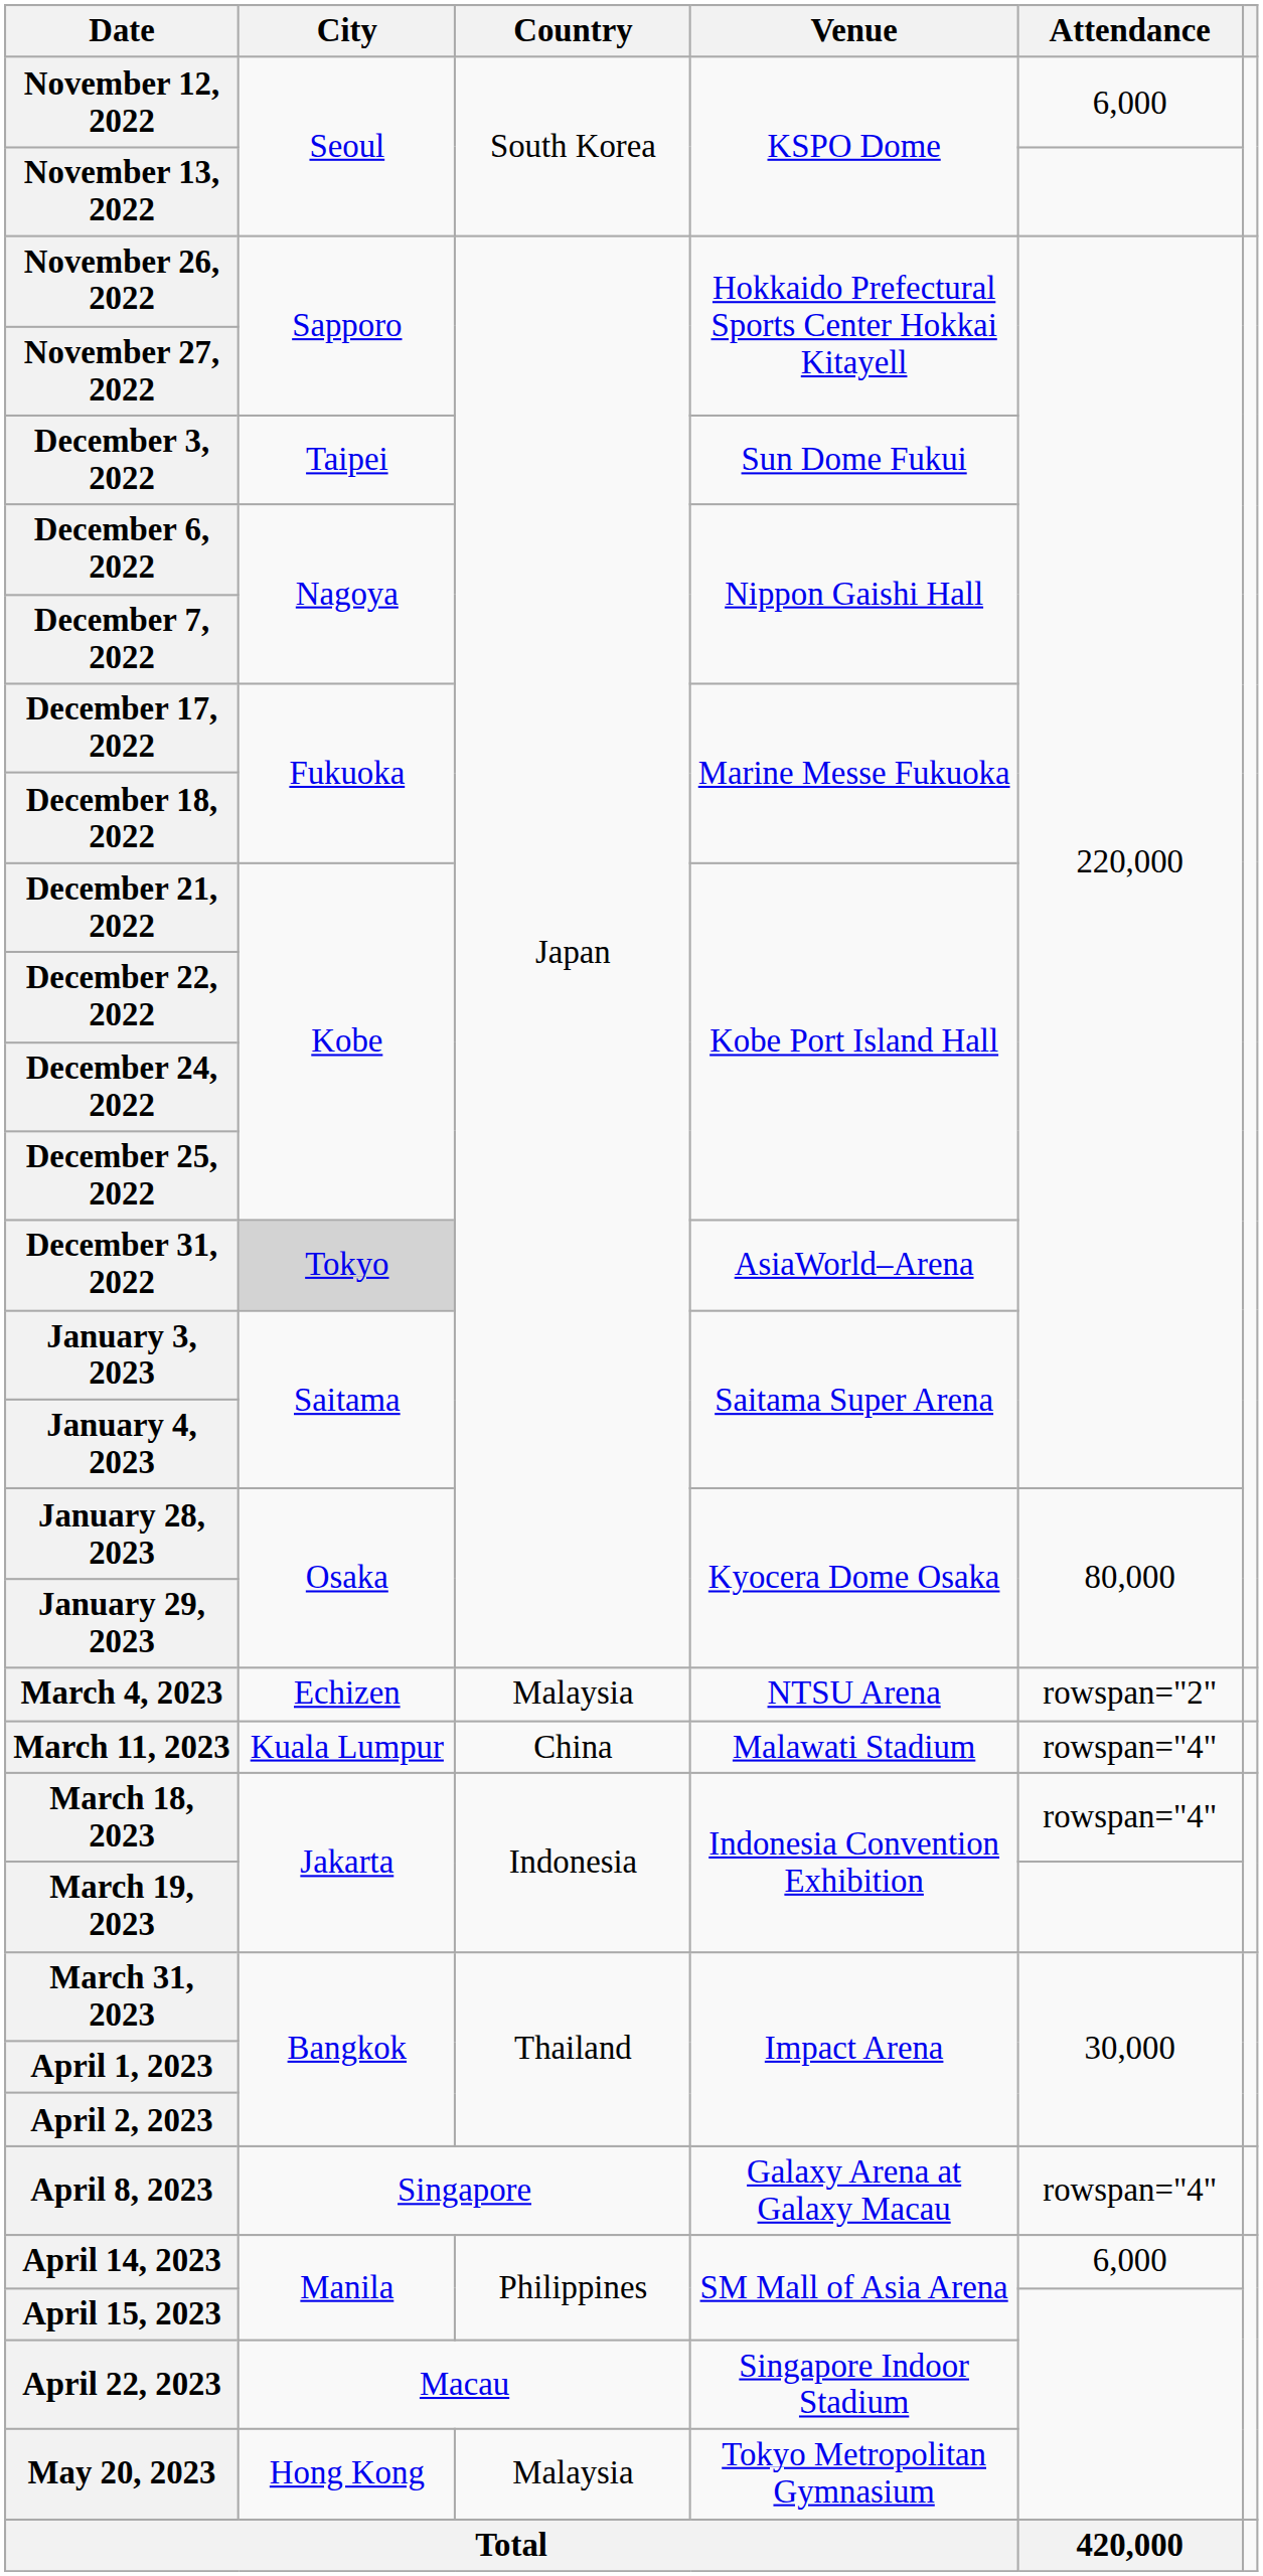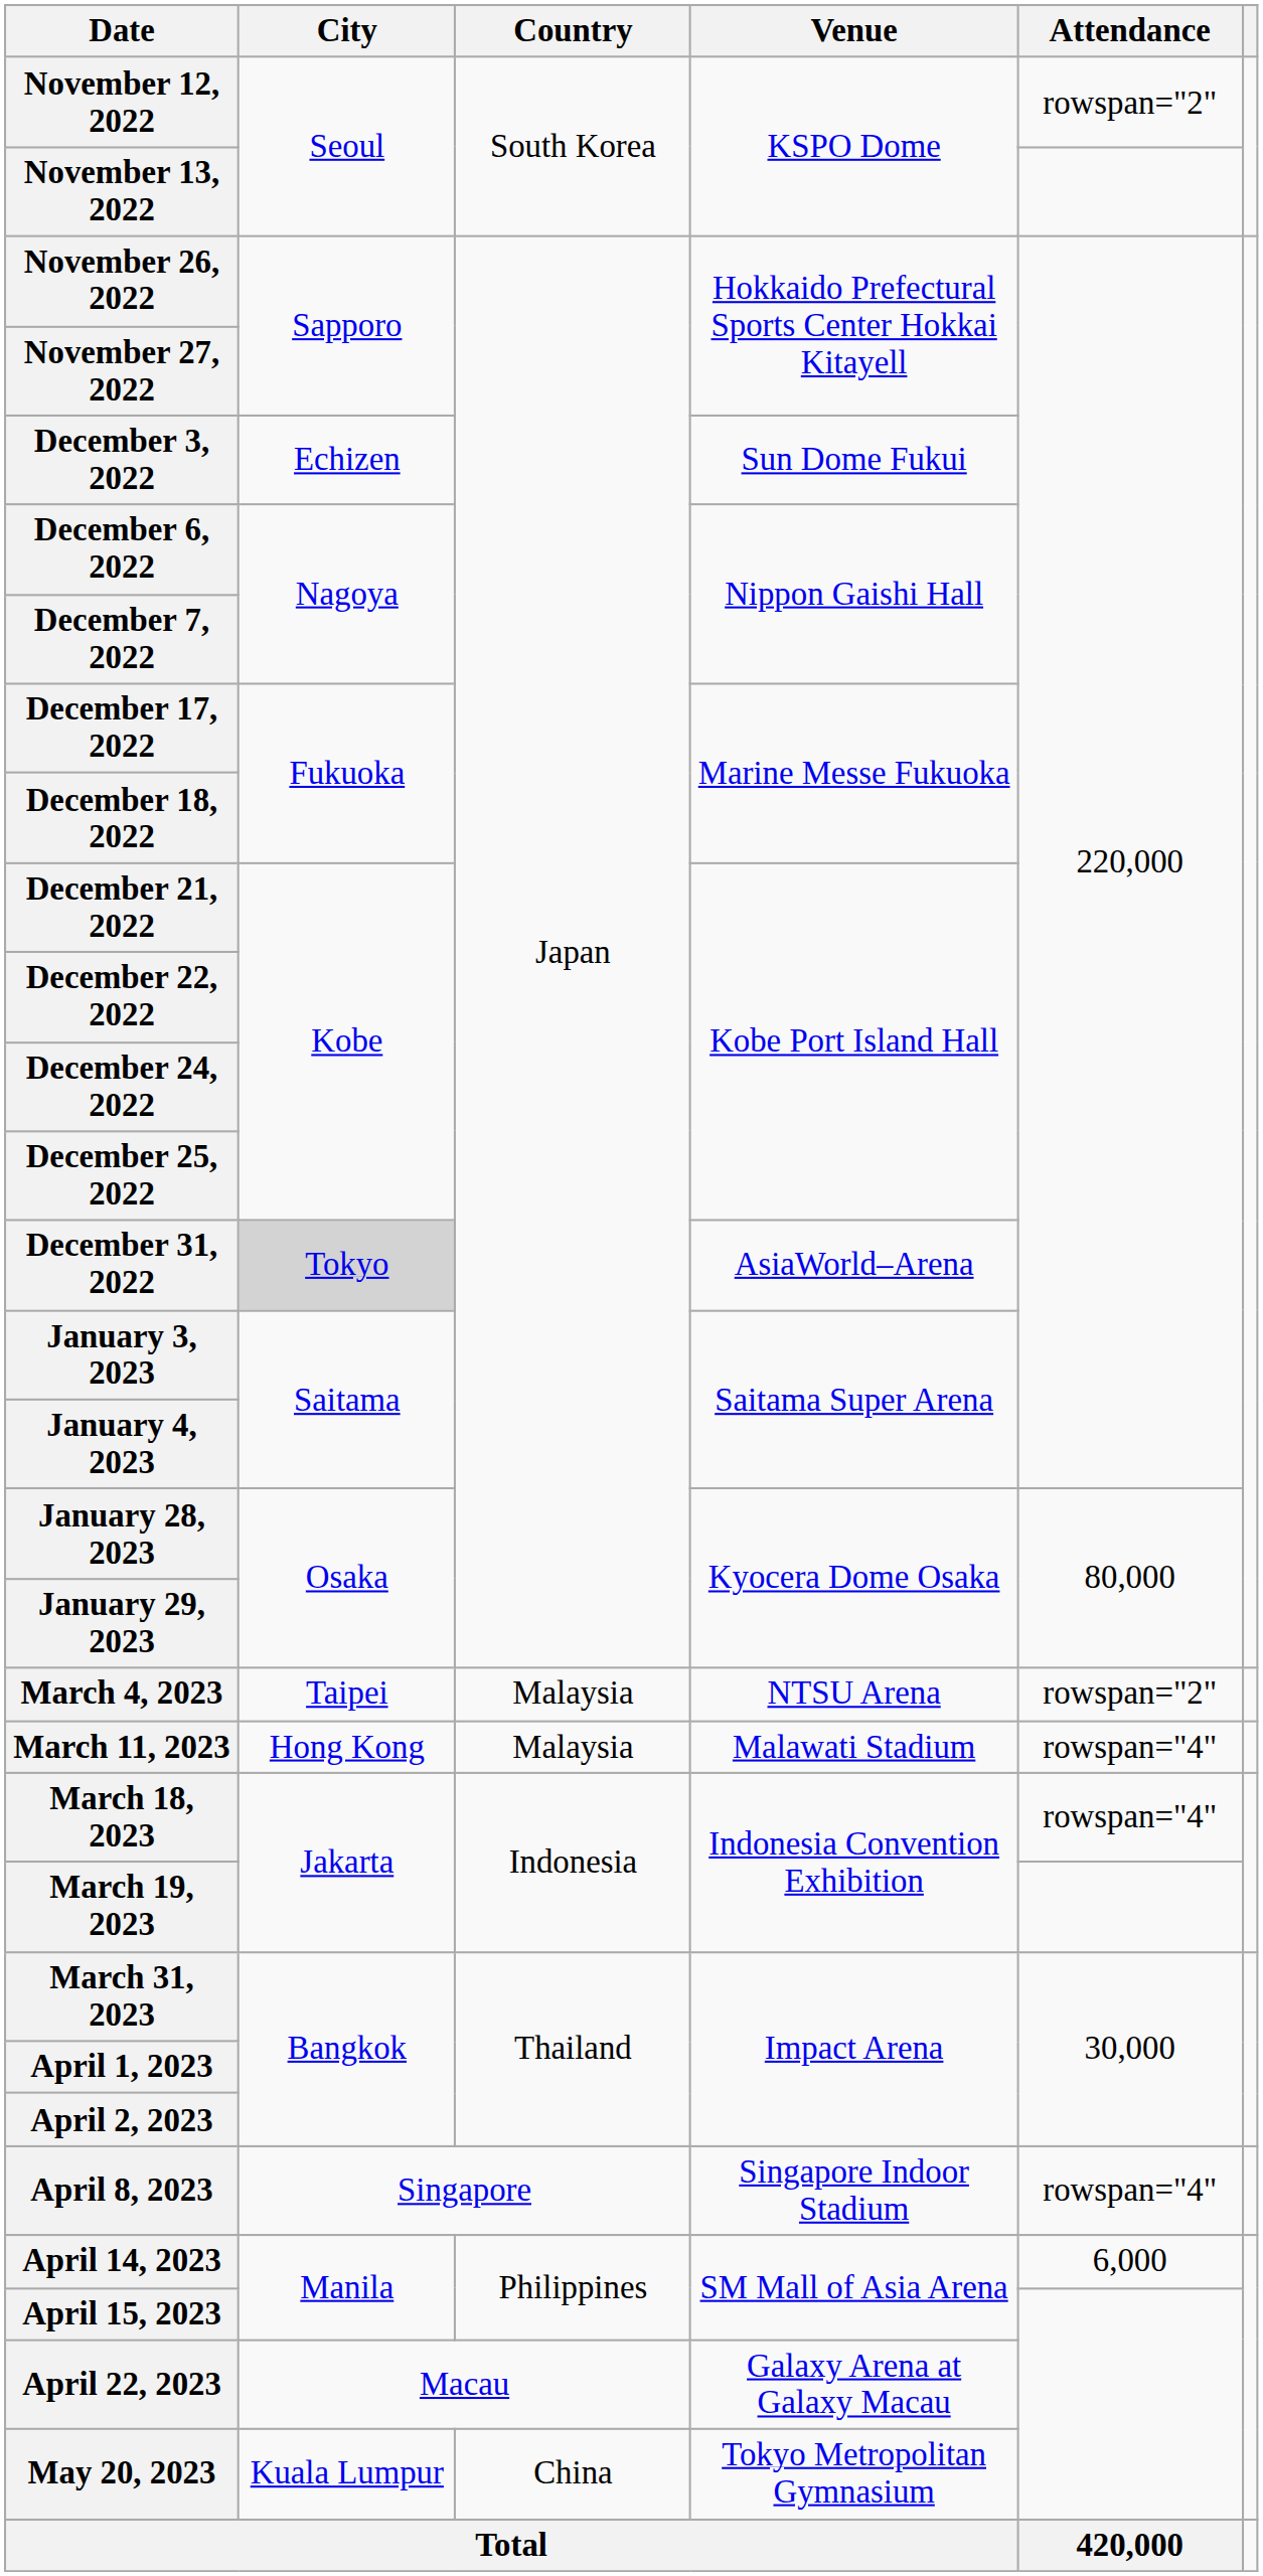 <table class="wikitable sortable plainrowheaders" style="text-align:center;">
 <tr>
 <th style="width:10em;">Date</th>
 <th style="width:10em;">City</th>
 <th style="width:10em;">Country</th>
 <th style="width:16em;">Venue</th>
 <th style="width:8em;">Attendance</th>
 <th scope="col" class="unsortable"></th>
 </tr>
 <tr>
 <th scope="row" style="text-align:center">November 12, 2022</th>
 <td rowspan="2"><a href='#'>Seoul</a></td>
 <td rowspan="2">South Korea</td>
 <td rowspan="2"><a href='#'>KSPO Dome</a></td>
-<td>6,000</td>
+<td>rowspan="2" </td>
 <td rowspan="2"></td>
 </tr>
 <tr>
 <th scope="row" style="text-align:center">November 13, 2022</th>
 </tr>
 <tr>
 <th scope="row" style="text-align:center">November 26, 2022</th>
 <td rowspan="2"><a href='#'>Sapporo</a></td>
 <td rowspan="16">Japan</td>
 <td rowspan="2"><a href='#'>Hokkaido Prefectural Sports Center Hokkai Kitayell</a></td>
 <td rowspan="14"> 220,000</td>
 <td rowspan="16"></td>
 </tr>
 <tr>
 <th scope="row" style="text-align:center">November 27, 2022</th>
 </tr>
 <tr>
 <th scope="row" style="text-align:center">December 3, 2022</th>
-<td><a href='#'>Taipei</a></td>
+<td><a href='#'>Echizen</a></td>
 <td><a href='#'>Sun Dome Fukui</a></td>
 </tr>
 <tr>
 <th scope="row" style="text-align:center">December 6, 2022</th>
 <td rowspan="2"><a href='#'>Nagoya</a></td>
 <td rowspan="2"><a href='#'>Nippon Gaishi Hall</a></td>
 </tr>
 <tr>
 <th scope="row" style="text-align:center">December 7, 2022</th>
 </tr>
 <tr>
 <th scope="row" style="text-align:center">December 17, 2022</th>
 <td rowspan="2"><a href='#'>Fukuoka</a></td>
 <td rowspan="2"><a href='#'>Marine Messe Fukuoka</a></td>
 </tr>
 <tr>
 <th scope="row" style="text-align:center">December 18, 2022</th>
 </tr>
 <tr>
 <th scope="row" style="text-align:center">December 21, 2022</th>
 <td rowspan="4"><a href='#'>Kobe</a></td>
 <td rowspan="4"><a href='#'>Kobe Port Island Hall</a></td>
 </tr>
 <tr>
 <th scope="row" style="text-align:center">December 22, 2022</th>
 </tr>
 <tr>
 <th scope="row" style="text-align:center">December 24, 2022</th>
 </tr>
 <tr>
 <th scope="row" style="text-align:center">December 25, 2022</th>
 </tr>
 <tr>
 <th scope="row" style="text-align:center">December 31, 2022</th>
 <td style="background: lightgrey;"><a href='#'>Tokyo</a></td>
 <td><a href='#'>AsiaWorld–Arena</a></td>
 </tr>
 <tr>
 <th scope="row" style="text-align:center">January 3, 2023</th>
 <td rowspan="2"><a href='#'>Saitama</a></td>
 <td rowspan="2"><a href='#'>Saitama Super Arena</a></td>
 </tr>
 <tr>
 <th scope="row" style="text-align:center">January 4, 2023</th>
 </tr>
 <tr>
 <th scope="row" style="text-align:center">January 28, 2023</th>
 <td rowspan="2"><a href='#'>Osaka</a></td>
 <td rowspan="2"><a href='#'>Kyocera Dome Osaka</a></td>
 <td rowspan="2"> 80,000</td>
 </tr>
 <tr>
 <th scope="row" style="text-align:center">January 29, 2023</th>
 </tr>
 <tr>
 <th scope="row" style="text-align:center">March 4, 2023</th>
-<td><a href='#'>Echizen</a></td>
+<td><a href='#'>Taipei</a></td>
 <td>Malaysia</td>
 <td><a href='#'>NTSU Arena</a></td>
 <td>rowspan="2" </td>
 <td></td>
 </tr>
 <tr>
 <th scope="row" style="text-align:center">March 11, 2023</th>
-<td><a href='#'>Kuala Lumpur</a></td>
-<td>China</td>
+<td><a href='#'>Hong Kong</a></td>
+<td>Malaysia</td>
 <td><a href='#'>Malawati Stadium</a></td>
 <td>rowspan="4" </td>
 <td></td>
 </tr>
 <tr>
 <th scope="row" style="text-align:center">March 18, 2023</th>
 <td rowspan="2"><a href='#'>Jakarta</a></td>
 <td rowspan="2">Indonesia</td>
 <td rowspan="2"><a href='#'>Indonesia Convention Exhibition</a></td>
 <td>rowspan="4" </td>
 <td rowspan="2"></td>
 </tr>
 <tr>
 <th scope="row" style="text-align:center">March 19, 2023</th>
 </tr>
 <tr>
 <th scope="row" style="text-align:center">March 31, 2023</th>
 <td rowspan="3"><a href='#'>Bangkok</a></td>
 <td rowspan="3">Thailand</td>
 <td rowspan="3"><a href='#'>Impact Arena</a></td>
 <td rowspan="3"> 30,000</td>
 <td rowspan="3"></td>
 </tr>
 <tr>
 <th scope="row" style="text-align:center">April 1, 2023</th>
 </tr>
 <tr>
 <th scope="row" style="text-align:center">April 2, 2023</th>
 </tr>
 <tr>
 <th scope="row" style="text-align:center">April 8, 2023</th>
 <td colspan="2"><a href='#'>Singapore</a></td>
-<td><a href='#'>Galaxy Arena at Galaxy Macau</a></td>
+<td><a href='#'>Singapore Indoor Stadium</a></td>
 <td>rowspan="4" </td>
 <td></td>
 </tr>
 <tr>
 <th scope="row" style="text-align:center">April 14, 2023</th>
 <td rowspan="2"><a href='#'>Manila</a></td>
 <td rowspan="2">Philippines</td>
 <td rowspan="2"><a href='#'>SM Mall of Asia Arena</a></td>
 <td>6,000</td>
 <td rowspan="4"></td>
 </tr>
 <tr>
 <th scope="row" style="text-align:center">April 15, 2023</th>
 </tr>
 <tr>
 <th scope="row" style="text-align:center">April 22, 2023</th>
 <td colspan="2"><a href='#'>Macau</a></td>
-<td><a href='#'>Singapore Indoor Stadium</a></td>
+<td><a href='#'>Galaxy Arena at Galaxy Macau</a></td>
 </tr>
 <tr>
 <th scope="row" style="text-align:center">May 20, 2023</th>
-<td><a href='#'>Hong Kong</a></td>
-<td>Malaysia</td>
+<td><a href='#'>Kuala Lumpur</a></td>
+<td>China</td>
 <td><a href='#'>Tokyo Metropolitan Gymnasium</a></td>
 </tr>
 <tr>
 <th colspan="4">Total</th>
 <th> 420,000</th>
 <td></td>
 </tr>
 </table>
